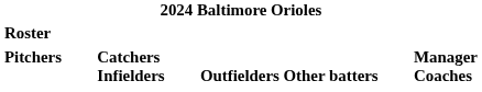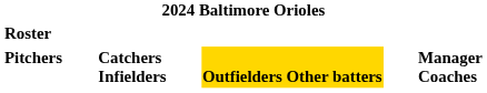 <table class="toccolours" style="font-size: 95%;">
 <tr>
 <th colspan="10">2024 Baltimore Orioles</th>
 </tr>
 <tr>
 <td colspan="10"><strong>Roster</strong></td>
 </tr>
 <tr>
 <td valign="top"><strong>Pitchers</strong><br>                                </td>
 <td style="width:25px;"></td>
 <td valign="top"><strong>Catchers</strong><br>  <strong>Infielders</strong>             </td>
 <td style="width:25px;"></td>
-<td valign="top"><br><strong>Outfielders</strong>           <strong>Other batters</strong>  </td>
+<td valign="top" style="background: gold;"><br><strong>Outfielders</strong>           <strong>Other batters</strong>  </td>
 <td style="width:25px;"></td>
 <td valign="top"><strong>Manager</strong><br> <strong>Coaches</strong>                        </td>
 </tr>
 </table>
